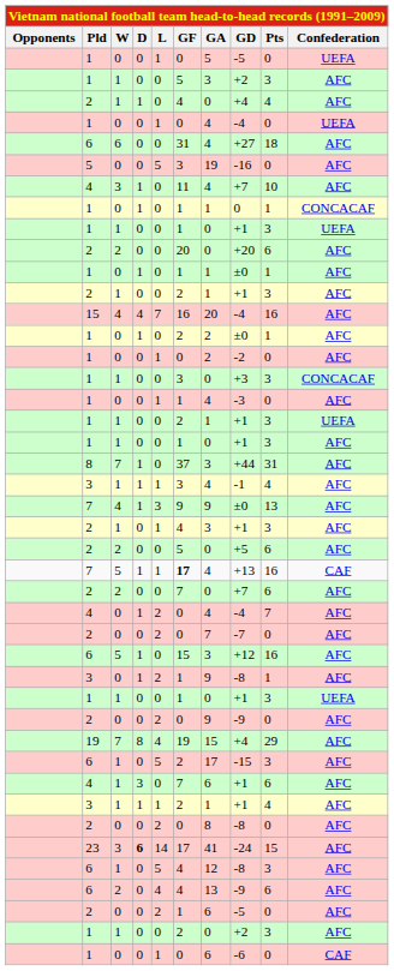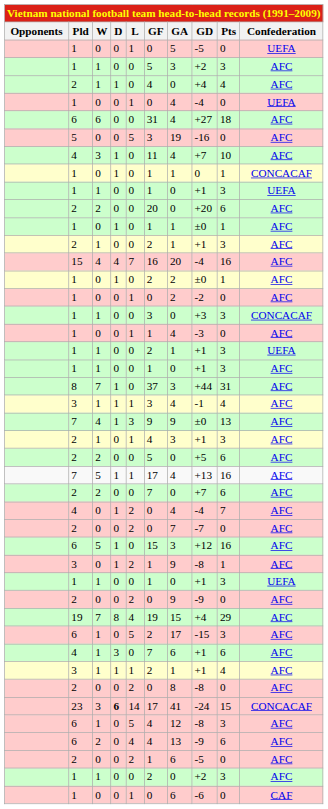 <table class="wikitable plainrowheaders sortable" style="text-align:left">
 <tr>
 <th colspan=10 style="background: #DB2017; color: #FFFF00;">Vietnam national football team head-to-head records (1991–2009)</th>
 </tr>
 <tr>
 <th align=left>Opponents</th>
 <th>Pld</th>
 <th>W</th>
 <th>D</th>
 <th>L</th>
 <th>GF</th>
 <th>GA</th>
 <th>GD</th>
 <th>Pts</th>
 <th>Confederation</th>
 </tr>
 <tr bgcolor=#FFCCCC>
 <td align=left></td>
 <td>1</td>
 <td>0</td>
 <td>0</td>
 <td>1</td>
 <td>0</td>
 <td>5</td>
 <td>-5</td>
 <td>0</td>
 <td align=center><a href='#'>UEFA</a></td>
 </tr>
 <tr bgcolor=#CCFFCC>
 <td align=left></td>
 <td>1</td>
 <td>1</td>
 <td>0</td>
 <td>0</td>
 <td>5</td>
 <td>3</td>
 <td>+2</td>
 <td>3</td>
 <td align=center><a href='#'>AFC</a></td>
 </tr>
 <tr bgcolor=#CCFFCC>
 <td align=left></td>
 <td>2</td>
 <td>1</td>
 <td>1</td>
 <td>0</td>
 <td>4</td>
 <td>0</td>
 <td>+4</td>
 <td>4</td>
 <td align=center><a href='#'>AFC</a></td>
 </tr>
 <tr bgcolor=#FFCCCC>
 <td align=left></td>
 <td>1</td>
 <td>0</td>
 <td>0</td>
 <td>1</td>
 <td>0</td>
 <td>4</td>
 <td>-4</td>
 <td>0</td>
 <td align=center><a href='#'>UEFA</a></td>
 </tr>
 <tr bgcolor=#CCFFCC>
 <td align=left></td>
 <td>6</td>
 <td>6</td>
 <td>0</td>
 <td>0</td>
 <td>31</td>
 <td>4</td>
 <td>+27</td>
 <td>18</td>
 <td align=center><a href='#'>AFC</a></td>
 </tr>
 <tr bgcolor=#FFCCCC>
 <td align=left></td>
 <td>5</td>
 <td>0</td>
 <td>0</td>
 <td>5</td>
 <td>3</td>
 <td>19</td>
 <td>-16</td>
 <td>0</td>
 <td align=center><a href='#'>AFC</a></td>
 </tr>
 <tr bgcolor=#CCFFCC>
 <td align=left></td>
 <td>4</td>
 <td>3</td>
 <td>1</td>
 <td>0</td>
 <td>11</td>
 <td>4</td>
 <td>+7</td>
 <td>10</td>
 <td align=center><a href='#'>AFC</a></td>
 </tr>
 <tr bgcolor=#FFFFCC>
 <td align=left></td>
 <td>1</td>
 <td>0</td>
 <td>1</td>
 <td>0</td>
 <td>1</td>
 <td>1</td>
 <td>0</td>
 <td>1</td>
 <td align=center><a href='#'>CONCACAF</a></td>
 </tr>
 <tr bgcolor=#CCFFCC>
 <td align=left></td>
 <td>1</td>
 <td>1</td>
 <td>0</td>
 <td>0</td>
 <td>1</td>
 <td>0</td>
 <td>+1</td>
 <td>3</td>
 <td align=center><a href='#'>UEFA</a></td>
 </tr>
 <tr bgcolor=#CCFFCC>
 <td align=left></td>
 <td>2</td>
 <td>2</td>
 <td>0</td>
 <td>0</td>
 <td>20</td>
 <td>0</td>
 <td>+20</td>
 <td>6</td>
 <td align=center><a href='#'>AFC</a></td>
 </tr>
 <tr bgcolor=#CCFFCC>
 <td align=left></td>
 <td>1</td>
 <td>0</td>
 <td>1</td>
 <td>0</td>
 <td>1</td>
 <td>1</td>
 <td>±0</td>
 <td>1</td>
 <td align=center><a href='#'>AFC</a></td>
 </tr>
 <tr bgcolor=#FFFFCC>
 <td align=left></td>
 <td>2</td>
 <td>1</td>
 <td>0</td>
 <td>0</td>
 <td>2</td>
 <td>1</td>
 <td>+1</td>
 <td>3</td>
 <td align=center><a href='#'>AFC</a></td>
 </tr>
 <tr bgcolor=#FFCCCC>
 <td align=left></td>
 <td>15</td>
 <td>4</td>
 <td>4</td>
 <td>7</td>
 <td>16</td>
 <td>20</td>
 <td>-4</td>
 <td>16</td>
 <td align=center><a href='#'>AFC</a></td>
 </tr>
 <tr bgcolor=#FFFFCC>
 <td align=left></td>
 <td>1</td>
 <td>0</td>
 <td>1</td>
 <td>0</td>
 <td>2</td>
 <td>2</td>
 <td>±0</td>
 <td>1</td>
 <td align=center><a href='#'>AFC</a></td>
 </tr>
 <tr bgcolor=#FFCCCC>
 <td align=left></td>
 <td>1</td>
 <td>0</td>
 <td>0</td>
 <td>1</td>
 <td>0</td>
 <td>2</td>
 <td>-2</td>
 <td>0</td>
 <td align=center><a href='#'>AFC</a></td>
 </tr>
 <tr bgcolor=#CCFFCC>
 <td align=left></td>
 <td>1</td>
 <td>1</td>
 <td>0</td>
 <td>0</td>
 <td>3</td>
 <td>0</td>
 <td>+3</td>
 <td>3</td>
 <td align=center><a href='#'>CONCACAF</a></td>
 </tr>
 <tr bgcolor=#FFCCCC>
 <td align=left></td>
 <td>1</td>
 <td>0</td>
 <td>0</td>
 <td>1</td>
 <td>1</td>
 <td>4</td>
 <td>-3</td>
 <td>0</td>
 <td align=center><a href='#'>AFC</a></td>
 </tr>
 <tr bgcolor=#CCFFCC>
 <td align=left></td>
 <td>1</td>
 <td>1</td>
 <td>0</td>
 <td>0</td>
 <td>2</td>
 <td>1</td>
 <td>+1</td>
 <td>3</td>
 <td align=center><a href='#'>UEFA</a></td>
 </tr>
 <tr bgcolor=#CCFFCC>
 <td align=left></td>
 <td>1</td>
 <td>1</td>
 <td>0</td>
 <td>0</td>
 <td>1</td>
 <td>0</td>
 <td>+1</td>
 <td>3</td>
 <td align=center><a href='#'>AFC</a></td>
 </tr>
 <tr bgcolor=#CCFFCC>
 <td align=left></td>
 <td>8</td>
 <td>7</td>
 <td>1</td>
 <td>0</td>
 <td>37</td>
 <td>3</td>
 <td>+44</td>
 <td>31</td>
 <td align=center><a href='#'>AFC</a></td>
 </tr>
 <tr bgcolor=#FFFFCC>
 <td align=left></td>
 <td>3</td>
 <td>1</td>
 <td>1</td>
 <td>1</td>
 <td>3</td>
 <td>4</td>
 <td>-1</td>
 <td>4</td>
 <td align=center><a href='#'>AFC</a></td>
 </tr>
 <tr bgcolor=#CCFFCC>
 <td align=left></td>
 <td>7</td>
 <td>4</td>
 <td>1</td>
 <td>3</td>
 <td>9</td>
 <td>9</td>
 <td>±0</td>
 <td>13</td>
 <td align=center><a href='#'>AFC</a></td>
 </tr>
 <tr bgcolor=#FFFFCC>
 <td align=left></td>
 <td>2</td>
 <td>1</td>
 <td>0</td>
 <td>1</td>
 <td>4</td>
 <td>3</td>
 <td>+1</td>
 <td>3</td>
 <td align=center><a href='#'>AFC</a></td>
 </tr>
 <tr bgcolor=#CCFFCC>
 <td align=left></td>
 <td>2</td>
 <td>2</td>
 <td>0</td>
 <td>0</td>
 <td>5</td>
 <td>0</td>
 <td>+5</td>
 <td>6</td>
 <td align=center><a href='#'>AFC</a></td>
 </tr>
 <tr -bgcolor=#CCFFCC>
 <td align=left></td>
 <td>7</td>
 <td>5</td>
 <td>1</td>
 <td>1</td>
-<td><strong>17</strong></td>
+<td>17</td>
 <td>4</td>
 <td>+13</td>
 <td>16</td>
-<td align=center><a href='#'>CAF</a></td>
+<td align=center><a href='#'>AFC</a></td>
 </tr>
 <tr bgcolor=#CCFFCC>
 <td align=left></td>
 <td>2</td>
 <td>2</td>
 <td>0</td>
 <td>0</td>
 <td>7</td>
 <td>0</td>
 <td>+7</td>
 <td>6</td>
 <td align=center><a href='#'>AFC</a></td>
 </tr>
 <tr bgcolor=#FFCCCC>
 <td align=left></td>
 <td>4</td>
 <td>0</td>
 <td>1</td>
 <td>2</td>
 <td>0</td>
 <td>4</td>
 <td>-4</td>
 <td>7</td>
 <td align=center><a href='#'>AFC</a></td>
 </tr>
 <tr bgcolor=#FFCCCC>
 <td align=left></td>
 <td>2</td>
 <td>0</td>
 <td>0</td>
 <td>2</td>
 <td>0</td>
 <td>7</td>
 <td>-7</td>
 <td>0</td>
 <td align=center><a href='#'>AFC</a></td>
 </tr>
 <tr bgcolor=#CCFFCC>
 <td align=left></td>
 <td>6</td>
 <td>5</td>
 <td>1</td>
 <td>0</td>
 <td>15</td>
 <td>3</td>
 <td>+12</td>
 <td>16</td>
 <td align=center><a href='#'>AFC</a></td>
 </tr>
 <tr bgcolor=#FFCCCC>
 <td align=left></td>
 <td>3</td>
 <td>0</td>
 <td>1</td>
 <td>2</td>
 <td>1</td>
 <td>9</td>
 <td>-8</td>
 <td>1</td>
 <td align=center><a href='#'>AFC</a></td>
 </tr>
 <tr bgcolor=#CCFFCC>
 <td align=left></td>
 <td>1</td>
 <td>1</td>
 <td>0</td>
 <td>0</td>
 <td>1</td>
 <td>0</td>
 <td>+1</td>
 <td>3</td>
 <td align=center><a href='#'>UEFA</a></td>
 </tr>
 <tr bgcolor=#FFCCCC>
 <td align=left></td>
 <td>2</td>
 <td>0</td>
 <td>0</td>
 <td>2</td>
 <td>0</td>
 <td>9</td>
 <td>-9</td>
 <td>0</td>
 <td align=center><a href='#'>AFC</a></td>
 </tr>
 <tr bgcolor=#CCFFCC>
 <td align=left></td>
 <td>19</td>
 <td>7</td>
 <td>8</td>
 <td>4</td>
 <td>19</td>
 <td>15</td>
 <td>+4</td>
 <td>29</td>
 <td align=center><a href='#'>AFC</a></td>
 </tr>
 <tr bgcolor=#FFCCCC>
 <td align=left></td>
 <td>6</td>
 <td>1</td>
 <td>0</td>
 <td>5</td>
 <td>2</td>
 <td>17</td>
 <td>-15</td>
 <td>3</td>
 <td align=center><a href='#'>AFC</a></td>
 </tr>
 <tr bgcolor=#CCFFCC>
 <td align=left></td>
 <td>4</td>
 <td>1</td>
 <td>3</td>
 <td>0</td>
 <td>7</td>
 <td>6</td>
 <td>+1</td>
 <td>6</td>
 <td align=center><a href='#'>AFC</a></td>
 </tr>
 <tr bgcolor=#FFFFCC>
 <td align=left></td>
 <td>3</td>
 <td>1</td>
 <td>1</td>
 <td>1</td>
 <td>2</td>
 <td>1</td>
 <td>+1</td>
 <td>4</td>
 <td align=center><a href='#'>AFC</a></td>
 </tr>
 <tr bgcolor=#FFCCCC>
 <td align=left></td>
 <td>2</td>
 <td>0</td>
 <td>0</td>
 <td>2</td>
 <td>0</td>
 <td>8</td>
 <td>-8</td>
 <td>0</td>
 <td align=center><a href='#'>AFC</a></td>
 </tr>
 <tr bgcolor=#FFCCCC>
 <td align=left></td>
 <td>23</td>
 <td>3</td>
 <td><strong>6</strong></td>
 <td>14</td>
 <td>17</td>
 <td>41</td>
 <td>-24</td>
 <td>15</td>
-<td align=center><a href='#'>AFC</a></td>
+<td align=center><a href='#'>CONCACAF</a></td>
 </tr>
 <tr bgcolor=#FFCCCC>
 <td align=left></td>
 <td>6</td>
 <td>1</td>
 <td>0</td>
 <td>5</td>
 <td>4</td>
 <td>12</td>
 <td>-8</td>
 <td>3</td>
 <td align=center><a href='#'>AFC</a></td>
 </tr>
 <tr bgcolor=#FFCCCC>
 <td align=left></td>
 <td>6</td>
 <td>2</td>
 <td>0</td>
 <td>4</td>
 <td>4</td>
 <td>13</td>
 <td>-9</td>
 <td>6</td>
 <td align=center><a href='#'>AFC</a></td>
 </tr>
 <tr bgcolor=#FFCCCC>
 <td align=left></td>
 <td>2</td>
 <td>0</td>
 <td>0</td>
 <td>2</td>
 <td>1</td>
 <td>6</td>
 <td>-5</td>
 <td>0</td>
 <td align=center><a href='#'>AFC</a></td>
 </tr>
 <tr bgcolor=#CCFFCC>
 <td align=left></td>
 <td>1</td>
 <td>1</td>
 <td>0</td>
 <td>0</td>
 <td>2</td>
 <td>0</td>
 <td>+2</td>
 <td>3</td>
 <td align=center><a href='#'>AFC</a></td>
 </tr>
 <tr bgcolor=#FFCCCC>
 <td align=left></td>
 <td>1</td>
 <td>0</td>
 <td>0</td>
 <td>1</td>
 <td>0</td>
 <td>6</td>
 <td>-6</td>
 <td>0</td>
 <td align=center><a href='#'>CAF</a></td>
 </tr>
 </table>
